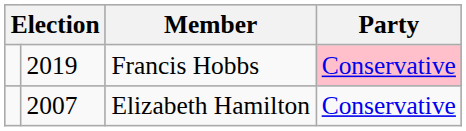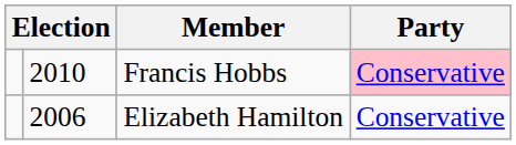 <table class="wikitable">
 <tr>
 <th colspan="2">Election</th>
 <th>Member</th>
 <th>Party</th>
 </tr>
 <tr>
 <td style="background-color: "></td>
-<td>2019</td>
+<td>2010</td>
 <td>Francis Hobbs</td>
 <td style="background: pink;"><a href='#'>Conservative</a></td>
 </tr>
 <tr>
 <td style="background-color: "></td>
-<td>2007</td>
+<td>2006</td>
 <td>Elizabeth Hamilton</td>
 <td><a href='#'>Conservative</a></td>
 </tr>
 </table>
